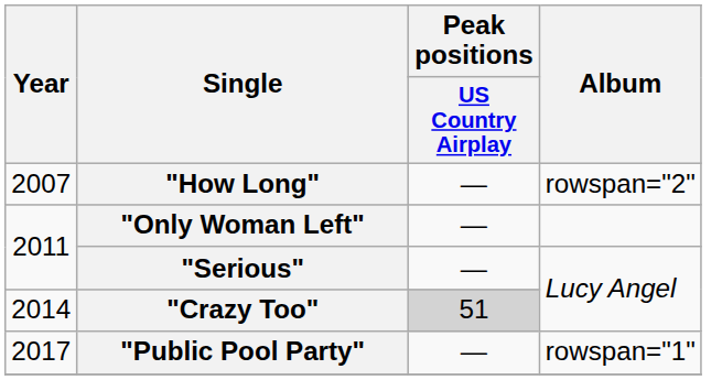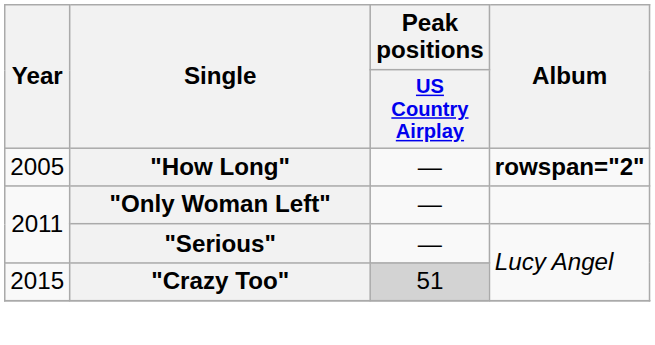 <table class="wikitable plainrowheaders" style="text-align:center;">
 <tr>
 <th rowspan="2">Year</th>
 <th rowspan="2" style="width:12em;">Single</th>
 <th>Peak positions</th>
 <th rowspan="2">Album</th>
 </tr>
 <tr style="font-size:smaller;">
 <th width="65"><a href='#'>US Country Airplay</a></th>
 </tr>
 <tr>
-<td>2007</td>
+<td>2005</td>
 <th scope="row">"How Long"</th>
 <td>—</td>
-<td>rowspan="2" </td>
+<td><strong>rowspan="2" </strong></td>
 </tr>
 <tr>
 <td rowspan="2">2011</td>
 <th scope="row">"Only Woman Left"</th>
 <td>—</td>
 </tr>
 <tr>
 <th scope="row">"Serious"</th>
 <td>—</td>
 <td align="left" rowspan="2"><em>Lucy Angel</em></td>
 </tr>
 <tr>
-<td>2014</td>
+<td>2015</td>
 <th scope="row">"Crazy Too"</th>
 <td style="background: lightgrey;">51</td>
 </tr>
 <tr>
-<td>2017</td>
-<th scope="row">"Public Pool Party"</th>
-<td>—</td>
-<td>rowspan="1" </td>
-</tr>
-<tr>
 </tr>
 </table>
